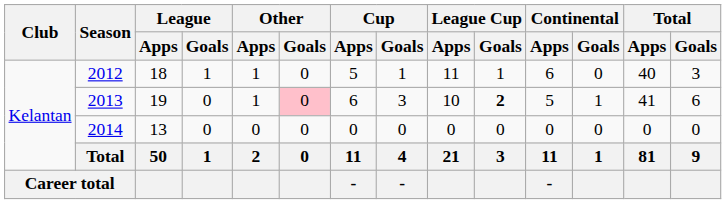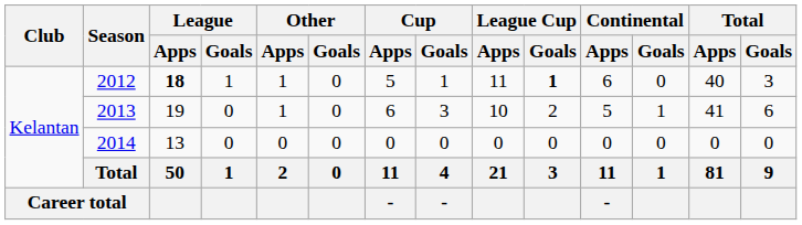 <table class="wikitable" style="text-align: center;">
 <tr>
 <th rowspan=2>Club</th>
 <th rowspan=2>Season</th>
 <th colspan=2>League</th>
 <th colspan=2>Other</th>
 <th colspan=2>Cup</th>
 <th colspan=2>League Cup</th>
 <th colspan=2>Continental</th>
 <th colspan=2>Total</th>
 </tr>
 <tr>
 <th>Apps</th>
 <th>Goals</th>
 <th>Apps</th>
 <th>Goals</th>
 <th>Apps</th>
 <th>Goals</th>
 <th>Apps</th>
 <th>Goals</th>
 <th>Apps</th>
 <th>Goals</th>
 <th>Apps</th>
 <th>Goals</th>
 </tr>
 <tr>
 <td rowspan=4><a href='#'>Kelantan</a></td>
 <td><a href='#'>2012</a></td>
-<td>18</td>
+<td><strong>18</strong></td>
 <td>1</td>
 <td>1</td>
 <td>0</td>
 <td>5</td>
 <td>1</td>
 <td>11</td>
-<td>1</td>
+<td><strong>1</strong></td>
 <td>6</td>
 <td>0</td>
 <td>40</td>
 <td>3</td>
 </tr>
 <tr>
 <td><a href='#'>2013</a></td>
 <td>19</td>
 <td>0</td>
 <td>1</td>
-<td style="background: pink;">0</td>
+<td>0</td>
 <td>6</td>
 <td>3</td>
 <td>10</td>
-<td><strong>2</strong></td>
+<td>2</td>
 <td>5</td>
 <td>1</td>
 <td>41</td>
 <td>6</td>
 </tr>
 <tr>
 <td><a href='#'>2014</a></td>
 <td>13</td>
 <td>0</td>
 <td>0</td>
 <td>0</td>
 <td>0</td>
 <td>0</td>
 <td>0</td>
 <td>0</td>
 <td>0</td>
 <td>0</td>
 <td>0</td>
 <td>0</td>
 </tr>
 <tr>
 <th>Total</th>
 <th>50</th>
 <th>1</th>
 <th>2</th>
 <th>0</th>
 <th>11</th>
 <th>4</th>
 <th>21</th>
 <th>3</th>
 <th>11</th>
 <th>1</th>
 <th>81</th>
 <th>9</th>
 </tr>
 <tr>
 <th colspan=2>Career total</th>
 <th></th>
 <th></th>
 <th></th>
 <th></th>
 <th>-</th>
 <th>-</th>
 <th></th>
 <th></th>
 <th>-</th>
 <th></th>
 <th></th>
 <th></th>
 </tr>
 </table>
